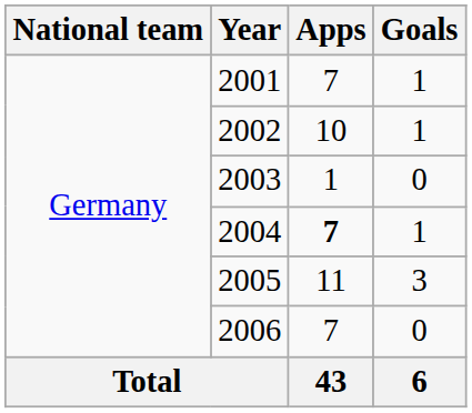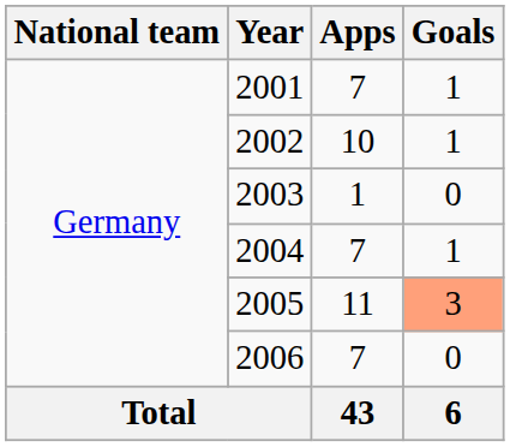 <table class="wikitable" style="text-align:center">
 <tr>
 <th>National team</th>
 <th>Year</th>
 <th>Apps</th>
 <th>Goals</th>
 </tr>
 <tr>
 <td rowspan="6"><a href='#'>Germany</a></td>
 <td>2001</td>
 <td>7</td>
 <td>1</td>
 </tr>
 <tr>
 <td>2002</td>
 <td>10</td>
 <td>1</td>
 </tr>
 <tr>
 <td>2003</td>
 <td>1</td>
 <td>0</td>
 </tr>
 <tr>
 <td>2004</td>
-<td><strong>7</strong></td>
+<td>7</td>
 <td>1</td>
 </tr>
 <tr>
 <td>2005</td>
 <td>11</td>
-<td>3</td>
+<td style="background: lightsalmon;">3</td>
 </tr>
 <tr>
 <td>2006</td>
 <td>7</td>
 <td>0</td>
 </tr>
 <tr>
 <th colspan="2">Total</th>
 <th>43</th>
 <th>6</th>
 </tr>
 </table>
